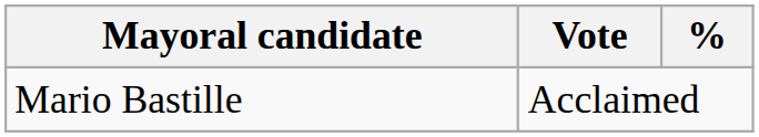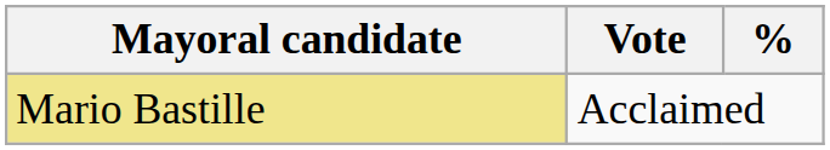 <table class="wikitable">
 <tr>
 <th bgcolor="#DDDDFF" width="200px">Mayoral candidate</th>
 <th bgcolor="#DDDDFF" width="50px">Vote</th>
 <th bgcolor="#DDDDFF" width="30px">%</th>
 </tr>
 <tr>
-<td>Mario Bastille</td>
+<td style="background: khaki;">Mario Bastille</td>
 <td colspan="2">Acclaimed</td>
 </tr>
 </table>
